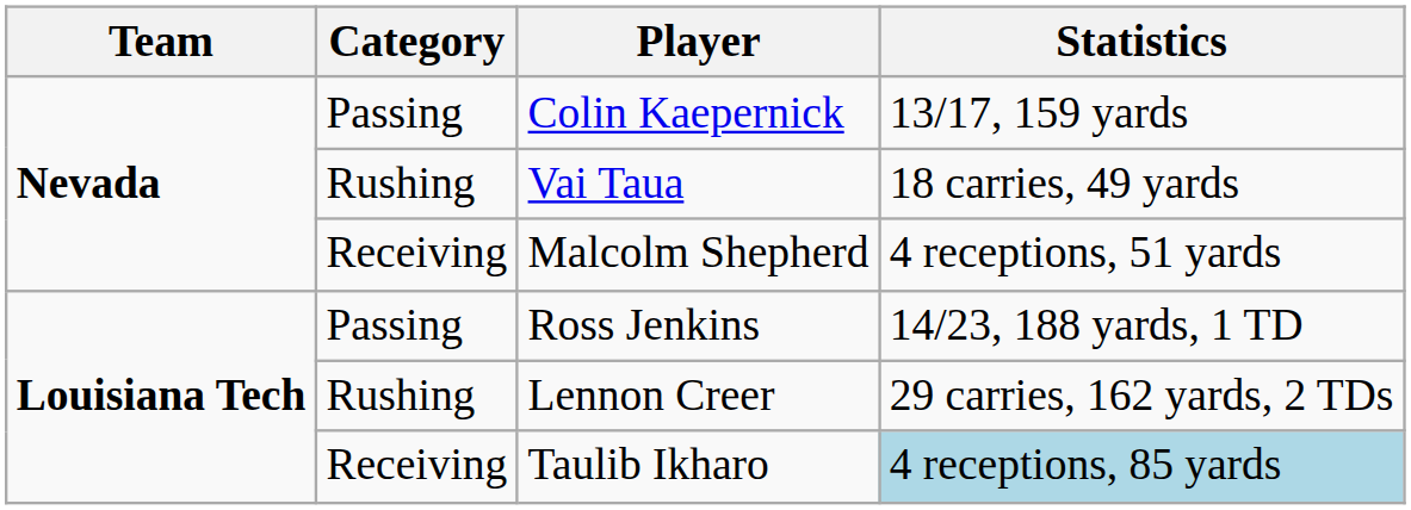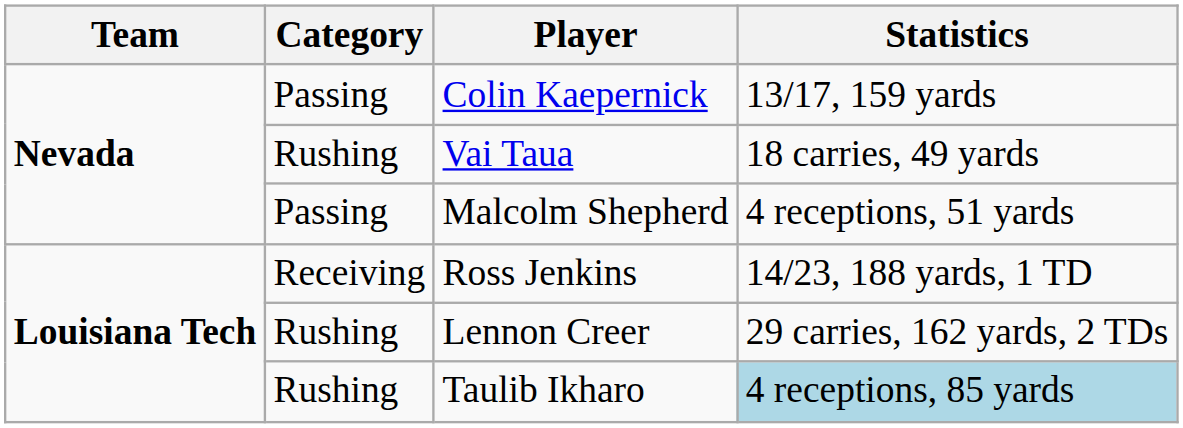 <table class="wikitable" style="float: left;">
 <tr>
 <th>Team</th>
 <th>Category</th>
 <th>Player</th>
 <th>Statistics</th>
 </tr>
 <tr>
 <td rowspan=3><strong>Nevada</strong></td>
 <td>Passing</td>
 <td><a href='#'>Colin Kaepernick</a></td>
 <td>13/17, 159 yards</td>
 </tr>
 <tr>
 <td>Rushing</td>
 <td><a href='#'>Vai Taua</a></td>
 <td>18 carries, 49 yards</td>
 </tr>
 <tr>
-<td>Receiving</td>
+<td>Passing</td>
 <td>Malcolm Shepherd</td>
 <td>4 receptions, 51 yards</td>
 </tr>
 <tr>
 <td rowspan=3><strong>Louisiana Tech</strong></td>
-<td>Passing</td>
+<td>Receiving</td>
 <td>Ross Jenkins</td>
 <td>14/23, 188 yards, 1 TD</td>
 </tr>
 <tr>
 <td>Rushing</td>
 <td>Lennon Creer</td>
 <td>29 carries, 162 yards, 2 TDs</td>
 </tr>
 <tr>
-<td>Receiving</td>
+<td>Rushing</td>
 <td>Taulib Ikharo</td>
 <td style="background: lightblue;">4 receptions, 85 yards</td>
 </tr>
 </table>
